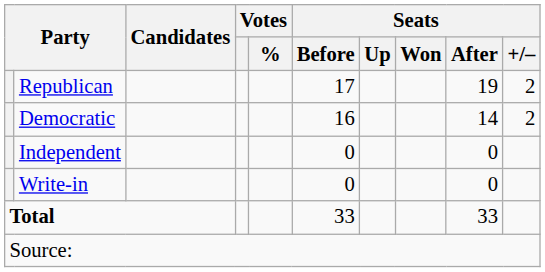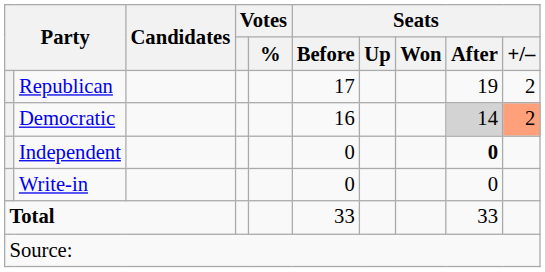 <table class="wikitable">
 <tr>
 <th colspan="2" rowspan="2">Party</th>
 <th rowspan="2">Candidates</th>
 <th colspan="2">Votes</th>
 <th colspan="5">Seats</th>
 </tr>
 <tr>
 <th></th>
 <th>%</th>
 <th>Before</th>
 <th>Up</th>
 <th>Won</th>
 <th>After</th>
 <th>+/–</th>
 </tr>
 <tr>
 <th style="background-color:"></th>
 <td><a href='#'>Republican</a></td>
 <td align="right"></td>
 <td align="right"></td>
 <td align="right"></td>
 <td align="right">17</td>
 <td align="right"></td>
 <td align="right"></td>
 <td align="right">19</td>
 <td align="right"> 2</td>
 </tr>
 <tr>
 <th style="background-color:"></th>
 <td><a href='#'>Democratic</a></td>
 <td align="right"></td>
 <td align="right"></td>
 <td align="right"></td>
 <td align="right">16</td>
 <td align="right"></td>
 <td align="right"></td>
-<td align="right">14</td>
-<td align="right"> 2</td>
+<td align="right" style="background: lightgrey;">14</td>
+<td align="right" style="background: lightsalmon;"> 2</td>
 </tr>
 <tr>
 <th style="background-color:"></th>
 <td><a href='#'>Independent</a></td>
 <td align="right"></td>
 <td align="right"></td>
 <td align="right"></td>
 <td align="right">0</td>
 <td align="right"></td>
 <td align="right"></td>
-<td align="right">0</td>
+<td align="right"><strong>0</strong></td>
 <td align="right"></td>
 </tr>
 <tr>
 <th style="background-color:"></th>
 <td><a href='#'>Write-in</a></td>
 <td align="right"></td>
 <td align="right"></td>
 <td align="right"></td>
 <td align="right">0</td>
 <td align="right"></td>
 <td align="right"></td>
 <td align="right">0</td>
 <td align="right"></td>
 </tr>
 <tr>
 <td colspan="3" align="left"><strong>Total</strong></td>
 <td align="right"></td>
 <td align="right"></td>
 <td align="right">33</td>
 <td align="right"></td>
 <td align="right"></td>
 <td align="right">33</td>
 <td align="right"></td>
 </tr>
 <tr>
 <td colspan="10">Source: </td>
 </tr>
 </table>
